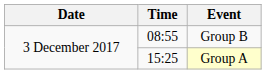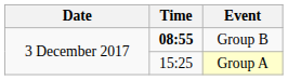 <table class = "wikitable" style="text-align:center;">
 <tr>
 <th width=150>Date</th>
 <th width=50>Time</th>
 <th width=80>Event</th>
 </tr>
 <tr>
 <td rowspan=2>3 December 2017</td>
-<td>08:55</td>
+<td><strong>08:55</strong></td>
 <td>Group B</td>
 </tr>
 <tr>
 <td>15:25</td>
 <td bgcolor=ffffcc>Group A</td>
 </tr>
 </table>
